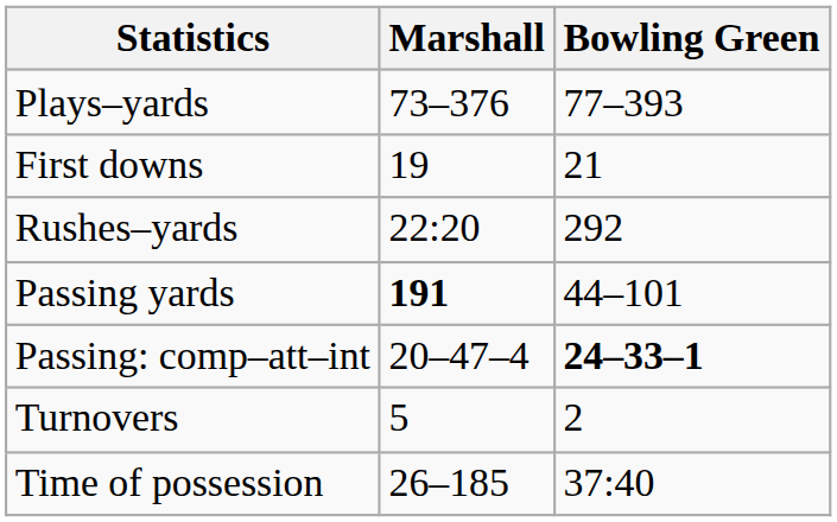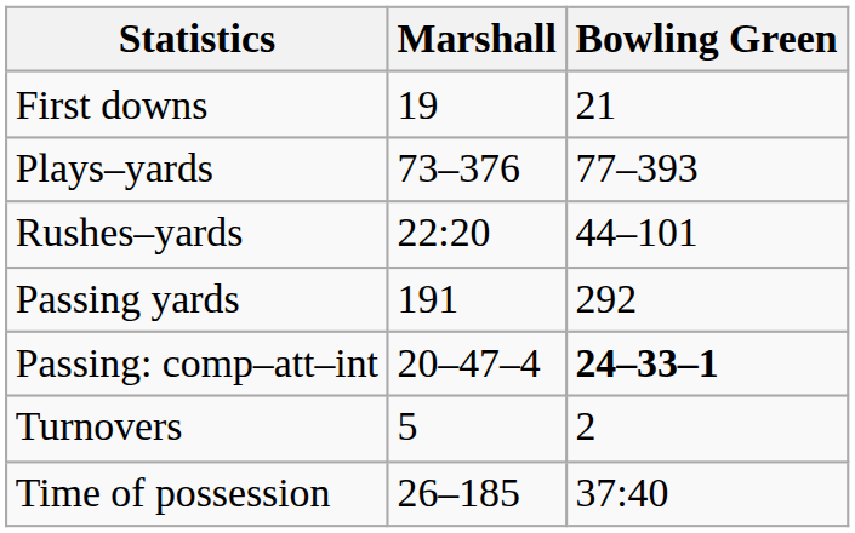 <table class="wikitable" style="float:left">
 <tr>
 <th>Statistics</th>
 <th>Marshall</th>
 <th>Bowling Green</th>
 </tr>
 <tr>
+<td>First downs</td>
+<td>19</td>
+<td>21</td>
+</tr>
+<tr>
 <td>Plays–yards</td>
 <td>73–376</td>
 <td>77–393</td>
 </tr>
 <tr>
-<td>First downs</td>
-<td>19</td>
-<td>21</td>
-</tr>
-<tr>
 <td>Rushes–yards</td>
 <td>22:20</td>
-<td>292</td>
+<td>44–101</td>
 </tr>
 <tr>
 <td>Passing yards</td>
-<td><strong>191</strong></td>
-<td>44–101</td>
+<td>191</td>
+<td>292</td>
 </tr>
 <tr>
 <td>Passing: comp–att–int</td>
 <td>20–47–4</td>
 <td><strong>24–33–1</strong></td>
 </tr>
 <tr>
 <td>Turnovers</td>
 <td>5</td>
 <td>2</td>
 </tr>
 <tr>
 <td>Time of possession</td>
 <td>26–185</td>
 <td>37:40</td>
 </tr>
 </table>
